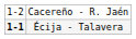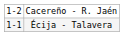 <table class="wikitable">
 <tr align=center bgcolor=white>
 <td>1-2</td>
 <td>Cacereño - R. Jaén</td>
 </tr>
 <tr align=center bgcolor=#F5F5F5>
-<td><strong>1-1</strong></td>
+<td>1-1</td>
 <td>Écija - Talavera</td>
 </tr>
 </table>
